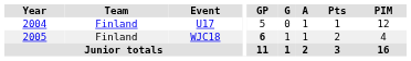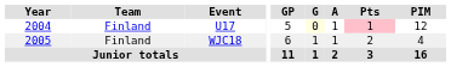 <table border="0" cellpadding="1" cellspacing="0" ID="Table3" style="text-align:center; width:40em">
 <tr ALIGN="center" bgcolor="#e0e0e0">
 <th>Year</th>
 <th>Team</th>
 <th>Event</th>
 <th rowspan="99" bgcolor="#ffffff"></th>
 <th>GP</th>
 <th>G</th>
 <th>A</th>
 <th>Pts</th>
 <th>PIM</th>
 </tr>
 <tr>
 <td><a href='#'>2004</a></td>
 <td><a href='#'>Finland</a></td>
 <td><a href='#'>U17</a></td>
 <td>5</td>
-<td>0</td>
+<td style="background: lightyellow;">0</td>
 <td>1</td>
-<td>1</td>
+<td style="background: pink;">1</td>
 <td>12</td>
 </tr>
 <tr bgcolor="#f0f0f0">
 <td><a href='#'>2005</a></td>
 <td>Finland</td>
 <td><a href='#'>WJC18</a></td>
-<td><strong>6</strong></td>
+<td>6</td>
 <td>1</td>
 <td>1</td>
 <td>2</td>
 <td>4</td>
 </tr>
 <tr bgcolor="#e0e0e0">
 <th colspan="3">Junior totals</th>
 <th>11</th>
 <th>1</th>
 <th>2</th>
 <th>3</th>
 <th>16</th>
 </tr>
 </table>
